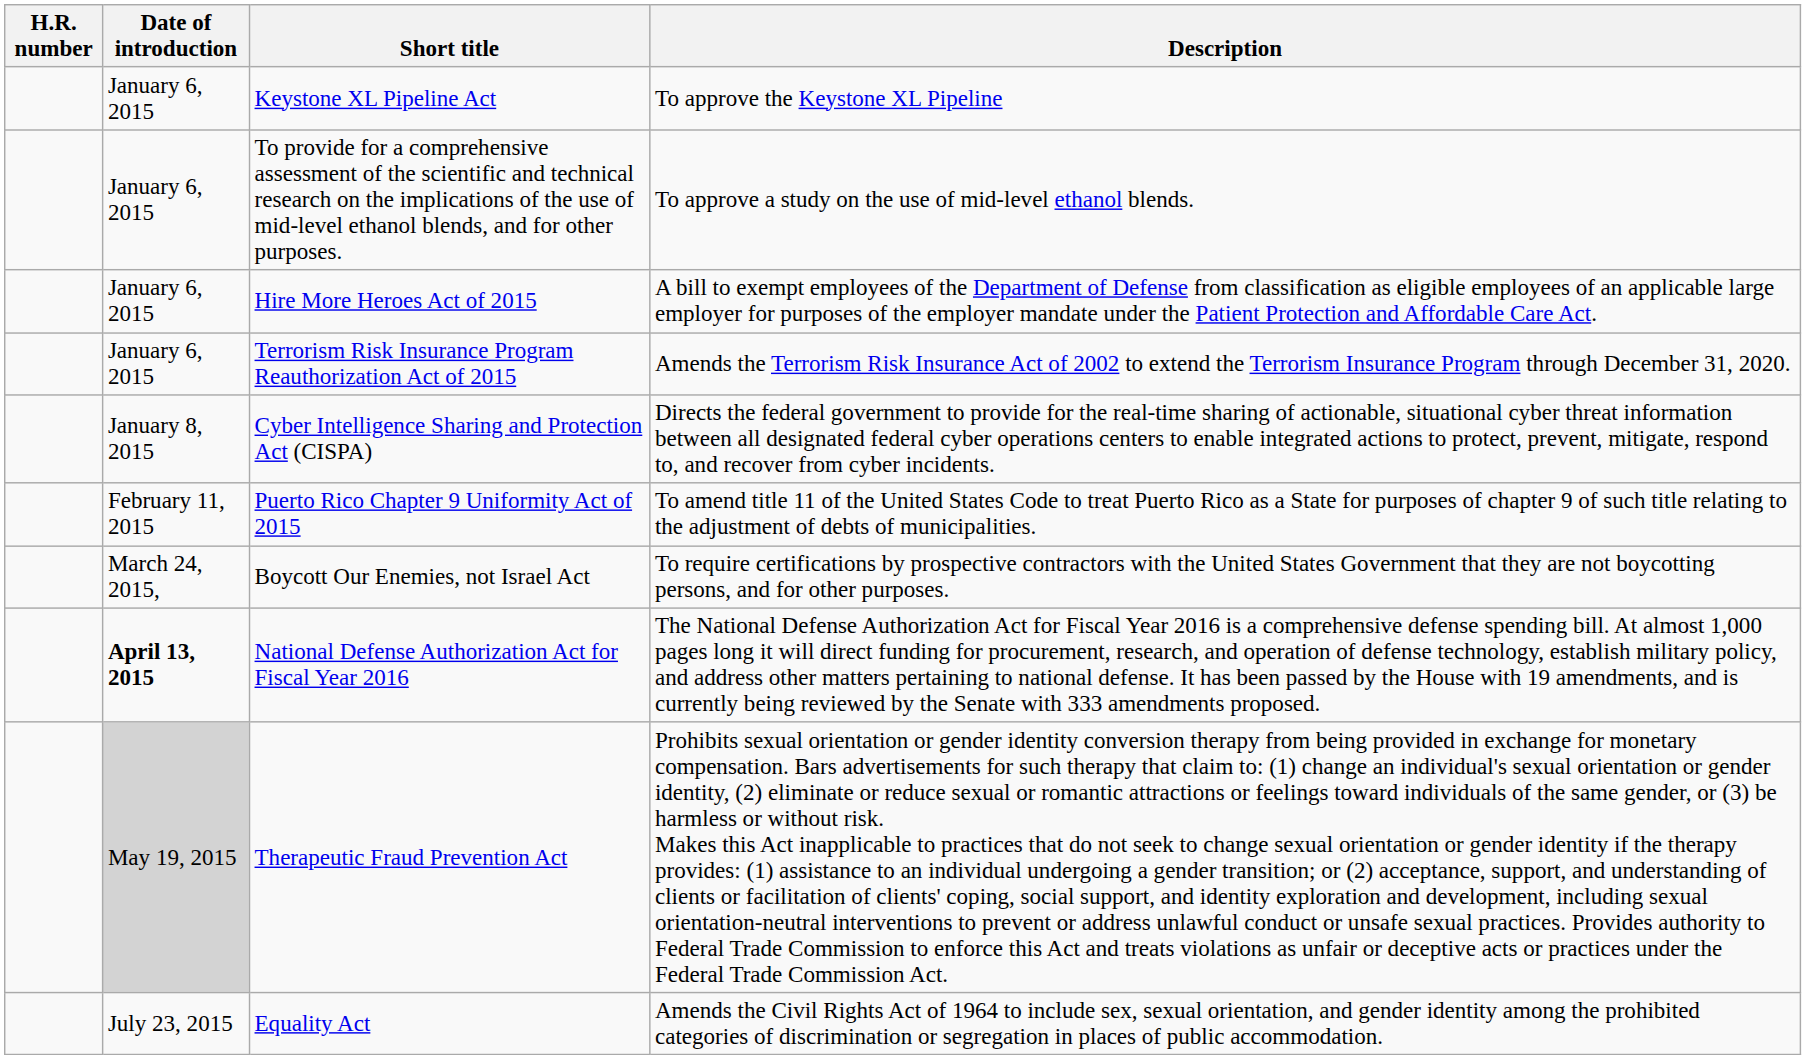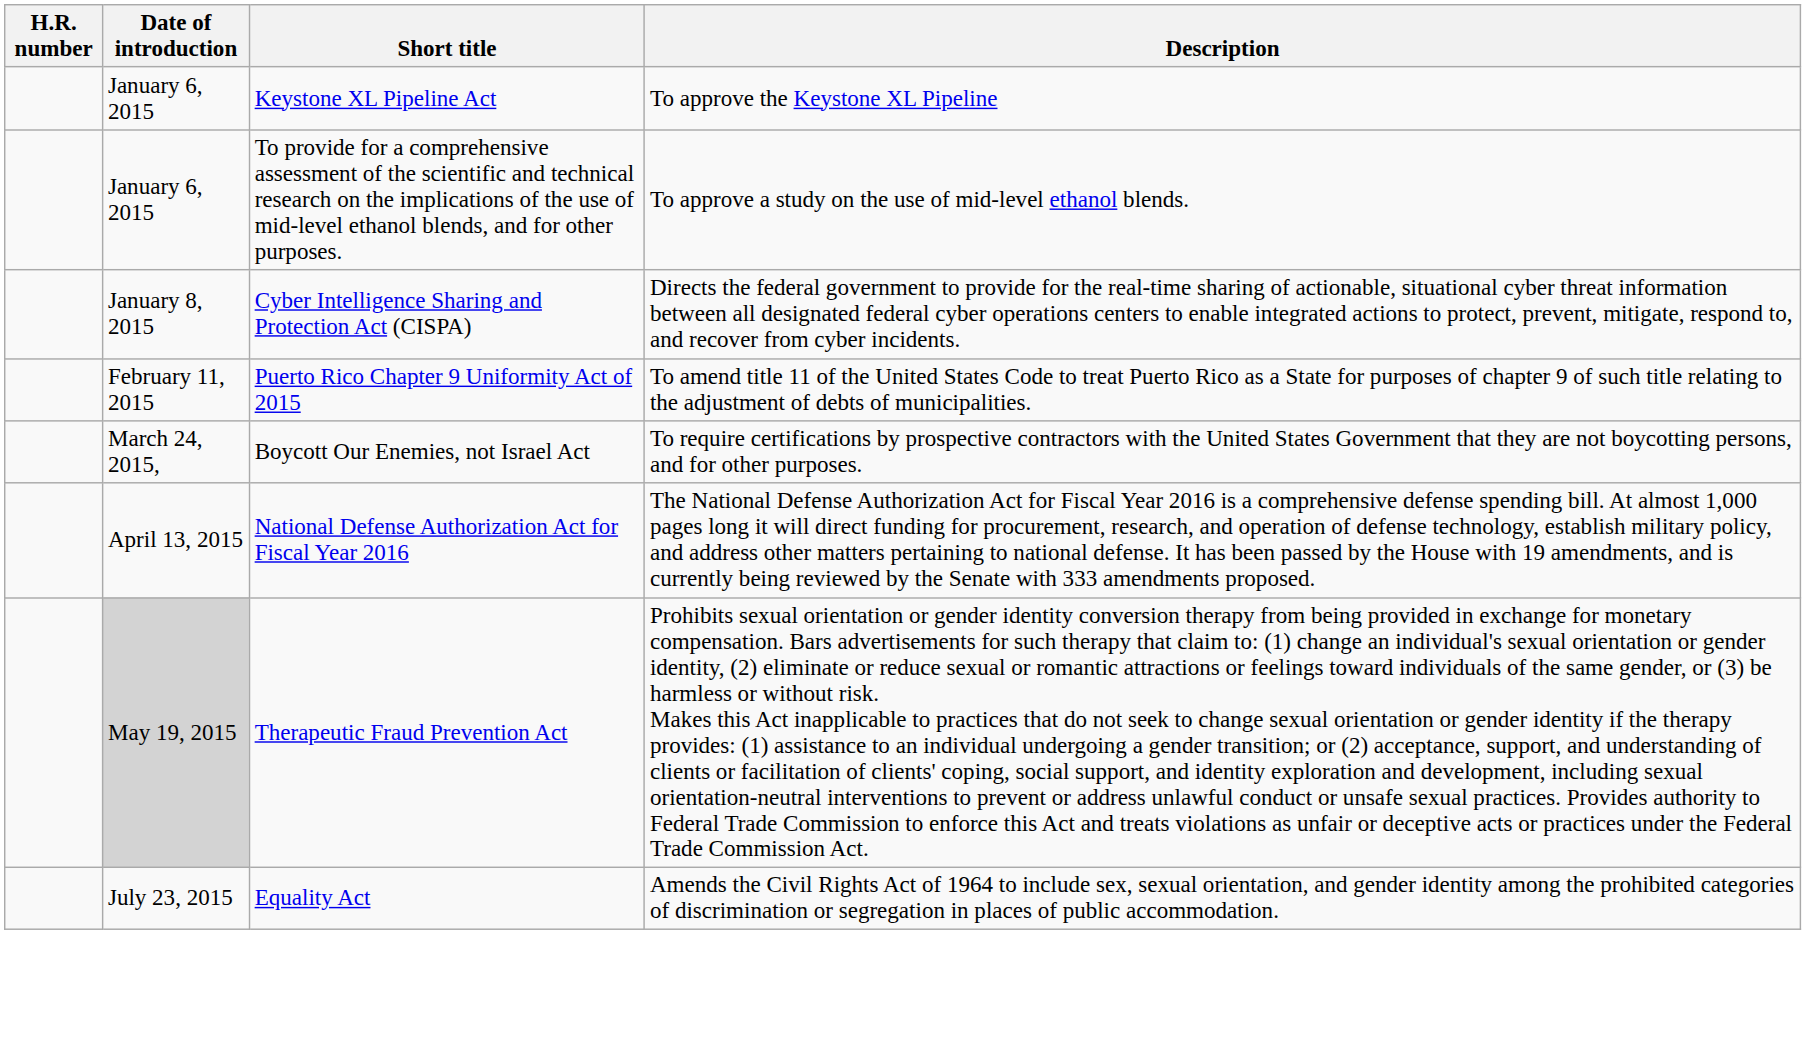 <table class=wikitable>
 <tr valign=bottom>
 <th>H.R. number</th>
 <th>Date of introduction</th>
 <th>Short title</th>
 <th>Description</th>
 </tr>
 <tr>
 <td></td>
 <td>January 6, 2015</td>
 <td><a href='#'>Keystone XL Pipeline Act</a></td>
 <td>To approve the <a href='#'>Keystone XL Pipeline</a></td>
 </tr>
 <tr>
 <td></td>
 <td>January 6, 2015</td>
 <td>To provide for a comprehensive assessment of the scientific and technical research on the implications of the use of mid-level ethanol blends, and for other purposes.</td>
 <td>To approve a study on the use of mid-level <a href='#'>ethanol</a> blends.</td>
 </tr>
 <tr>
 <td></td>
-<td>January 6, 2015</td>
-<td><a href='#'>Hire More Heroes Act of 2015</a></td>
-<td>A bill to exempt employees of the <a href='#'>Department of Defense</a> from classification as eligible employees of an applicable large employer for purposes of the employer mandate under the <a href='#'>Patient Protection and Affordable Care Act</a>.</td>
-</tr>
-<tr>
-<td></td>
-<td>January 6, 2015</td>
-<td><a href='#'>Terrorism Risk Insurance Program Reauthorization Act of 2015</a></td>
-<td>Amends the <a href='#'>Terrorism Risk Insurance Act of 2002</a> to extend the <a href='#'>Terrorism Insurance Program</a> through December 31, 2020.</td>
-</tr>
-<tr>
-<td></td>
 <td>January 8, 2015</td>
 <td><a href='#'>Cyber Intelligence Sharing and Protection Act</a> (CISPA)</td>
 <td>Directs the federal government to provide for the real-time sharing of actionable, situational cyber threat information between all designated federal cyber operations centers to enable integrated actions to protect, prevent, mitigate, respond to, and recover from cyber incidents.</td>
 </tr>
 <tr>
 <td></td>
 <td>February 11, 2015</td>
 <td><a href='#'>Puerto Rico Chapter 9 Uniformity Act of 2015</a></td>
 <td>To amend title 11 of the United States Code to treat Puerto Rico as a State for purposes of chapter 9 of such title relating to the adjustment of debts of municipalities.</td>
 </tr>
 <tr>
 <td></td>
 <td>March 24, 2015,</td>
 <td>Boycott Our Enemies, not Israel Act</td>
 <td>To require certifications by prospective contractors with the United States Government that they are not boycotting persons, and for other purposes.</td>
 </tr>
 <tr>
 <td></td>
-<td><strong>April 13, 2015</strong></td>
+<td>April 13, 2015</td>
 <td><a href='#'>National Defense Authorization Act for Fiscal Year 2016</a></td>
 <td>The National Defense Authorization Act for Fiscal Year 2016 is a comprehensive defense spending bill. At almost 1,000 pages long it will direct funding for procurement, research, and operation of defense technology, establish military policy, and address other matters pertaining to national defense. It has been passed by the House with 19 amendments, and is currently being reviewed by the Senate with 333 amendments proposed.</td>
 </tr>
 <tr>
 <td></td>
 <td style="background: lightgrey;">May 19, 2015</td>
 <td><a href='#'>Therapeutic Fraud Prevention Act</a></td>
 <td>Prohibits sexual orientation or gender identity conversion therapy from being provided in exchange for monetary compensation. Bars advertisements for such therapy that claim to: (1) change an individual's sexual orientation or gender identity, (2) eliminate or reduce sexual or romantic attractions or feelings toward individuals of the same gender, or (3) be harmless or without risk.<br>Makes this Act inapplicable to practices that do not seek to change sexual orientation or gender identity if the therapy provides: (1) assistance to an individual undergoing a gender transition; or (2) acceptance, support, and understanding of clients or facilitation of clients' coping, social support, and identity exploration and development, including sexual orientation-neutral interventions to prevent or address unlawful conduct or unsafe sexual practices. Provides authority to Federal Trade Commission to enforce this Act and treats violations as unfair or deceptive acts or practices under the Federal Trade Commission Act.</td>
 </tr>
 <tr>
 <td></td>
 <td>July 23, 2015</td>
 <td><a href='#'>Equality Act</a></td>
 <td>Amends the Civil Rights Act of 1964 to include sex, sexual orientation, and gender identity among the prohibited categories of discrimination or segregation in places of public accommodation.</td>
 </tr>
 </table>
